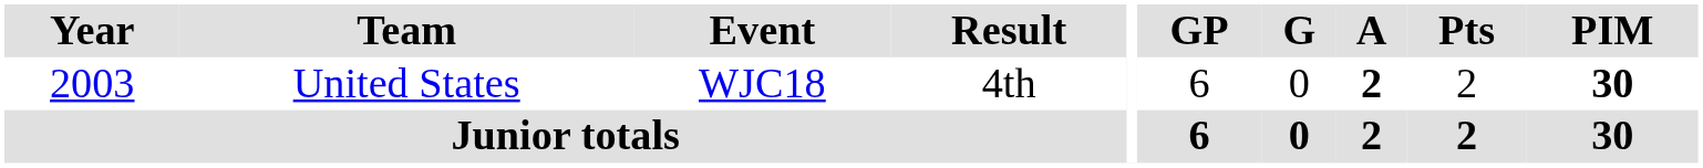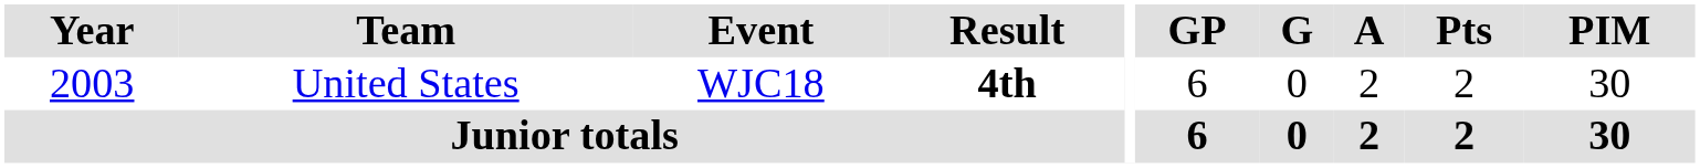 <table border="0" cellpadding="1" cellspacing="0" ID="Table3" style="text-align:center; width:40em">
 <tr ALIGN="center" bgcolor="#e0e0e0">
 <th>Year</th>
 <th>Team</th>
 <th>Event</th>
 <th>Result</th>
 <th rowspan="99" bgcolor="#ffffff"></th>
 <th>GP</th>
 <th>G</th>
 <th>A</th>
 <th>Pts</th>
 <th>PIM</th>
 </tr>
 <tr ALIGN="center">
 <td><a href='#'>2003</a></td>
 <td><a href='#'>United States</a></td>
 <td><a href='#'>WJC18</a></td>
-<td>4th</td>
+<td><strong>4th</strong></td>
 <td>6</td>
 <td>0</td>
-<td><strong>2</strong></td>
 <td>2</td>
-<td><strong>30</strong></td>
+<td>2</td>
+<td>30</td>
 </tr>
 <tr bgcolor="#e0e0e0">
 <th colspan="4">Junior totals</th>
 <th>6</th>
 <th>0</th>
 <th>2</th>
 <th>2</th>
 <th>30</th>
 </tr>
 </table>
